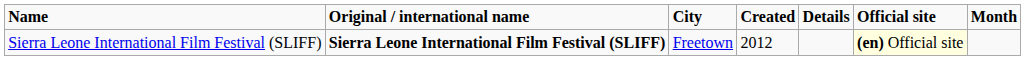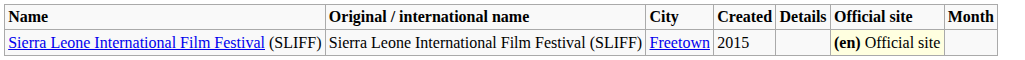 <table class="wikitable">
 <tr>
 <td><strong>Name</strong></td>
 <td><strong>Original / international name</strong></td>
 <td><strong>City</strong></td>
 <td><strong>Created</strong></td>
 <td><strong>Details</strong></td>
 <td><strong>Official site</strong></td>
 <td><strong>Month</strong></td>
 </tr>
 <tr>
 <td><a href='#'>Sierra Leone International Film Festival</a> (SLIFF)</td>
-<td><strong>Sierra Leone International Film Festival (SLIFF)</strong></td>
+<td>Sierra Leone International Film Festival (SLIFF)</td>
 <td><a href='#'>Freetown</a></td>
-<td>2012</td>
+<td>2015</td>
 <td></td>
 <td style="background: lightyellow;"><strong>(en)</strong> Official site</td>
 <td></td>
 </tr>
 </table>
